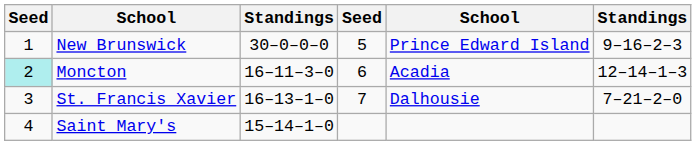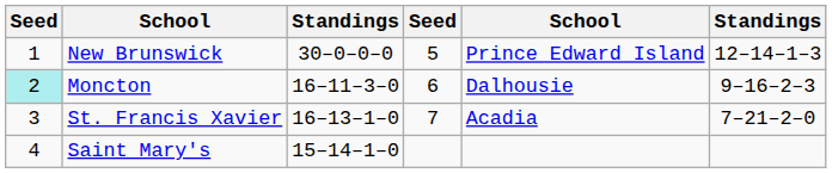 <table class="wikitable">
 <tr>
 <th>Seed</th>
 <th>School</th>
 <th>Standings</th>
 <th>Seed</th>
 <th>School</th>
 <th>Standings</th>
 </tr>
 <tr>
 <td align=center>1</td>
 <td><a href='#'>New Brunswick</a></td>
 <td align=center>30–0–0–0</td>
 <td align=center>5</td>
 <td><a href='#'>Prince Edward Island</a></td>
-<td align=center>9–16–2–3</td>
+<td align=center>12–14–1–3</td>
 </tr>
 <tr>
 <td align=center style="background: paleturquoise;">2</td>
 <td><a href='#'>Moncton</a></td>
 <td align=center>16–11–3–0</td>
 <td align=center>6</td>
-<td><a href='#'>Acadia</a></td>
-<td align=center>12–14–1–3</td>
+<td><a href='#'>Dalhousie</a></td>
+<td align=center>9–16–2–3</td>
 </tr>
 <tr>
 <td align=center>3</td>
 <td><a href='#'>St. Francis Xavier</a></td>
 <td align=center>16–13–1–0</td>
 <td align=center>7</td>
-<td><a href='#'>Dalhousie</a></td>
+<td><a href='#'>Acadia</a></td>
 <td align=center>7–21–2–0</td>
 </tr>
 <tr>
 <td align=center>4</td>
 <td><a href='#'>Saint Mary's</a></td>
 <td align=center>15–14–1–0</td>
 <td></td>
 <td></td>
 <td></td>
 </tr>
 </table>
